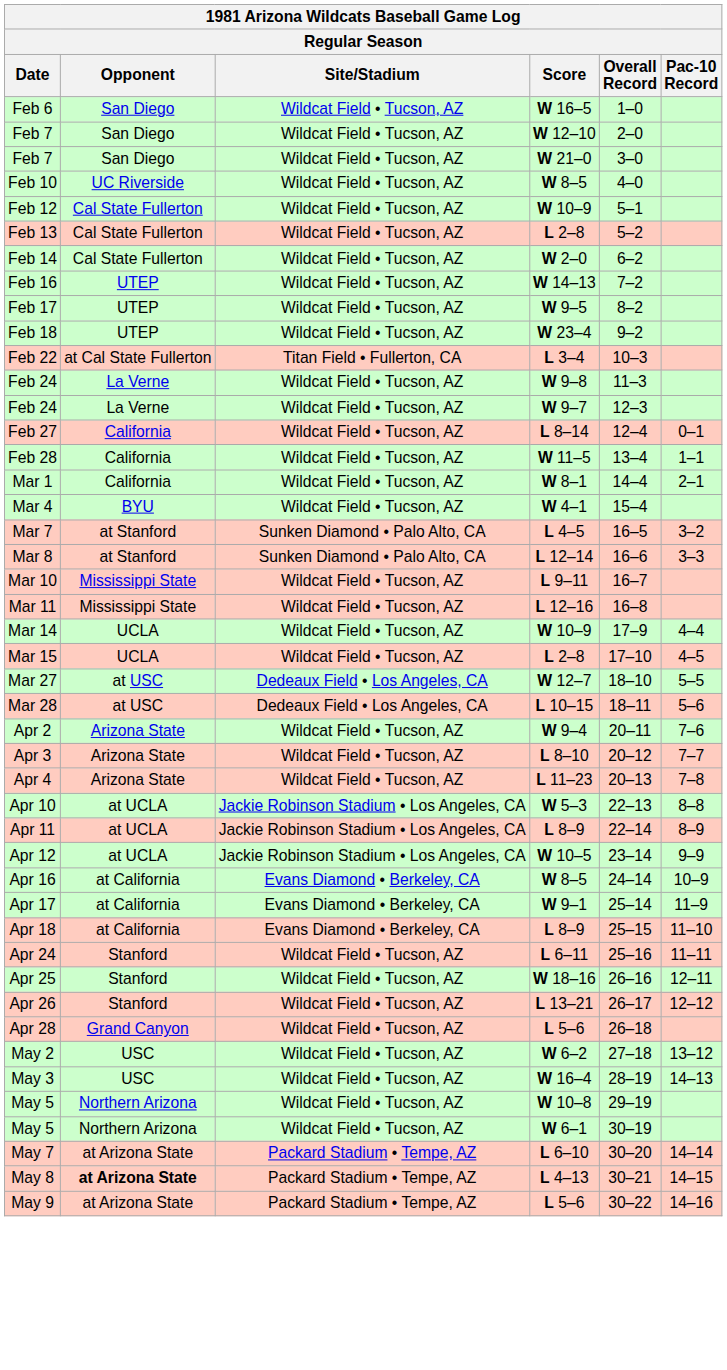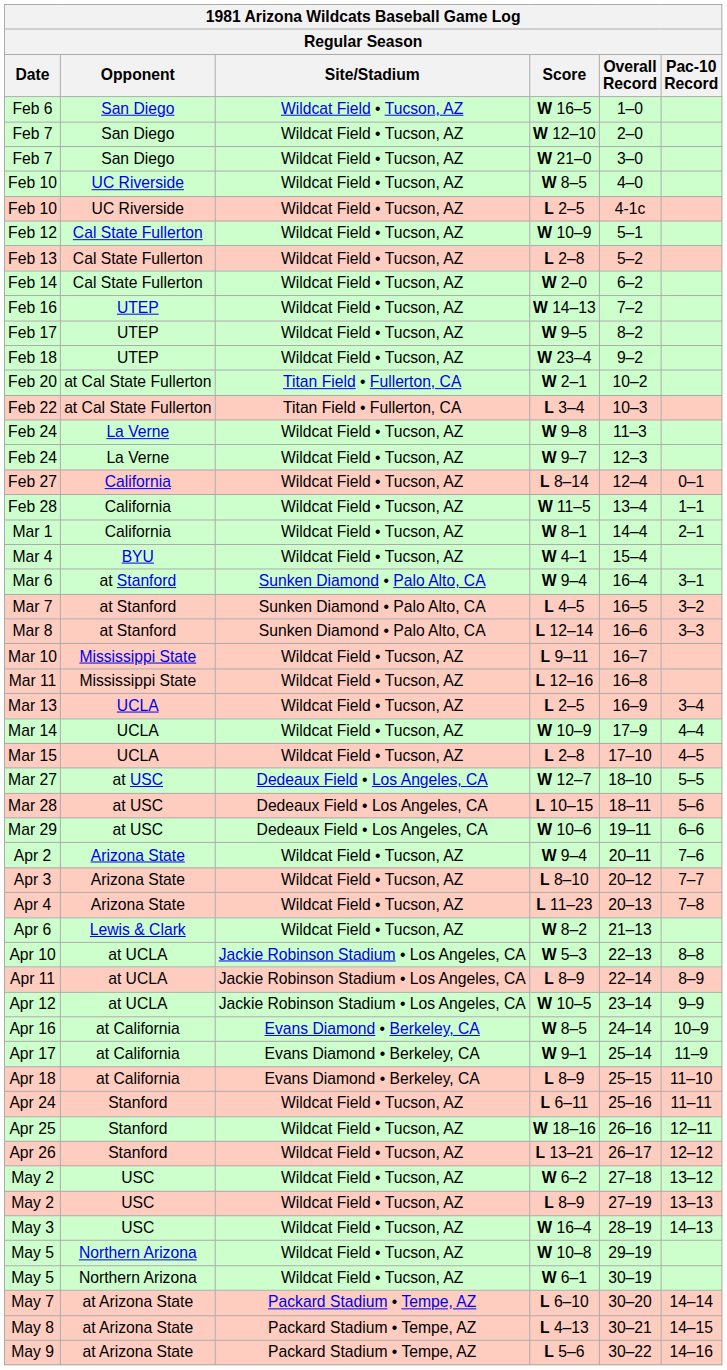 <table class="wikitable">
 <tr>
 <th colspan="6">1981 Arizona Wildcats Baseball Game Log</th>
 </tr>
 <tr>
 <th colspan="6">Regular Season</th>
 </tr>
 <tr>
 <th>Date</th>
 <th>Opponent</th>
 <th>Site/Stadium</th>
 <th>Score</th>
 <th>Overall<br>Record</th>
 <th>Pac-10<br>Record</th>
 </tr>
 <tr bgcolor="ccffcc" align="center">
 <td>Feb 6</td>
 <td><a href='#'>San Diego</a></td>
 <td><a href='#'>Wildcat Field</a> • <a href='#'>Tucson, AZ</a></td>
 <td><strong>W</strong> 16–5</td>
 <td>1–0</td>
 <td></td>
 </tr>
 <tr bgcolor="ccffcc" align="center">
 <td>Feb 7</td>
 <td>San Diego</td>
 <td>Wildcat Field • Tucson, AZ</td>
 <td><strong>W</strong> 12–10</td>
 <td>2–0</td>
 <td></td>
 </tr>
 <tr bgcolor="ccffcc" align="center">
 <td>Feb 7</td>
 <td>San Diego</td>
 <td>Wildcat Field • Tucson, AZ</td>
 <td><strong>W</strong> 21–0</td>
 <td>3–0</td>
 <td></td>
 </tr>
 <tr bgcolor="ccffcc" align="center">
 <td>Feb 10</td>
 <td><a href='#'>UC Riverside</a></td>
 <td>Wildcat Field • Tucson, AZ</td>
 <td><strong>W</strong> 8–5</td>
 <td>4–0</td>
+<td></td>
+</tr>
+<tr bgcolor="ffccc" align="center">
+<td>Feb 10</td>
+<td>UC Riverside</td>
+<td>Wildcat Field • Tucson, AZ</td>
+<td><strong>L</strong> 2–5</td>
+<td>4-1c</td>
 <td></td>
 </tr>
 <tr bgcolor="ccffcc" align="center">
 <td>Feb 12</td>
 <td><a href='#'>Cal State Fullerton</a></td>
 <td>Wildcat Field • Tucson, AZ</td>
 <td><strong>W</strong> 10–9</td>
 <td>5–1</td>
 <td></td>
 </tr>
 <tr bgcolor="ffccc" align="center">
 <td>Feb 13</td>
 <td>Cal State Fullerton</td>
 <td>Wildcat Field • Tucson, AZ</td>
 <td><strong>L</strong> 2–8</td>
 <td>5–2</td>
 <td></td>
 </tr>
 <tr bgcolor="ccffcc" align="center">
 <td>Feb 14</td>
 <td>Cal State Fullerton</td>
 <td>Wildcat Field • Tucson, AZ</td>
 <td><strong>W</strong> 2–0</td>
 <td>6–2</td>
 <td></td>
 </tr>
 <tr bgcolor="ccffcc" align="center">
 <td>Feb 16</td>
 <td><a href='#'>UTEP</a></td>
 <td>Wildcat Field • Tucson, AZ</td>
 <td><strong>W</strong> 14–13</td>
 <td>7–2</td>
 <td></td>
 </tr>
 <tr bgcolor="ccffcc" align="center">
 <td>Feb 17</td>
 <td>UTEP</td>
 <td>Wildcat Field • Tucson, AZ</td>
 <td><strong>W</strong> 9–5</td>
 <td>8–2</td>
 <td></td>
 </tr>
 <tr bgcolor="ccffcc" align="center">
 <td>Feb 18</td>
 <td>UTEP</td>
 <td>Wildcat Field • Tucson, AZ</td>
 <td><strong>W</strong> 23–4</td>
 <td>9–2</td>
+<td></td>
+</tr>
+<tr bgcolor="ccffcc" align="center">
+<td>Feb 20</td>
+<td>at Cal State Fullerton</td>
+<td><a href='#'>Titan Field</a> • <a href='#'>Fullerton, CA</a></td>
+<td><strong>W</strong> 2–1</td>
+<td>10–2</td>
 <td></td>
 </tr>
 <tr bgcolor="ffccc" align="center">
 <td>Feb 22</td>
 <td>at Cal State Fullerton</td>
 <td>Titan Field • Fullerton, CA</td>
 <td><strong>L</strong> 3–4</td>
 <td>10–3</td>
 <td></td>
 </tr>
 <tr bgcolor="ccffcc" align="center">
 <td>Feb 24</td>
 <td><a href='#'>La Verne</a></td>
 <td>Wildcat Field • Tucson, AZ</td>
 <td><strong>W</strong> 9–8</td>
 <td>11–3</td>
 <td></td>
 </tr>
 <tr bgcolor="ccffcc" align="center">
 <td>Feb 24</td>
 <td>La Verne</td>
 <td>Wildcat Field • Tucson, AZ</td>
 <td><strong>W</strong> 9–7</td>
 <td>12–3</td>
 <td></td>
 </tr>
 <tr bgcolor="ffccc" align="center">
 <td>Feb 27</td>
 <td><a href='#'>California</a></td>
 <td>Wildcat Field • Tucson, AZ</td>
 <td><strong>L</strong> 8–14</td>
 <td>12–4</td>
 <td>0–1</td>
 </tr>
 <tr bgcolor="ccffcc" align="center">
 <td>Feb 28</td>
 <td>California</td>
 <td>Wildcat Field • Tucson, AZ</td>
 <td><strong>W</strong> 11–5</td>
 <td>13–4</td>
 <td>1–1</td>
 </tr>
 <tr bgcolor="ccffcc" align="center">
 <td>Mar 1</td>
 <td>California</td>
 <td>Wildcat Field • Tucson, AZ</td>
 <td><strong>W</strong> 8–1</td>
 <td>14–4</td>
 <td>2–1</td>
 </tr>
 <tr bgcolor="ccffcc" align="center">
 <td>Mar 4</td>
 <td><a href='#'>BYU</a></td>
 <td>Wildcat Field • Tucson, AZ</td>
 <td><strong>W</strong> 4–1</td>
 <td>15–4</td>
 <td></td>
 </tr>
+<tr bgcolor="ccffcc" align="center">
+<td>Mar 6</td>
+<td>at <a href='#'>Stanford</a></td>
+<td><a href='#'>Sunken Diamond</a> • <a href='#'>Palo Alto, CA</a></td>
+<td><strong>W</strong> 9–4</td>
+<td>16–4</td>
+<td>3–1</td>
+</tr>
 <tr bgcolor="ffccc" align="center">
 <td>Mar 7</td>
 <td>at Stanford</td>
 <td>Sunken Diamond • Palo Alto, CA</td>
 <td><strong>L</strong> 4–5</td>
 <td>16–5</td>
 <td>3–2</td>
 </tr>
 <tr bgcolor="ffccc" align="center">
 <td>Mar 8</td>
 <td>at Stanford</td>
 <td>Sunken Diamond • Palo Alto, CA</td>
 <td><strong>L</strong> 12–14</td>
 <td>16–6</td>
 <td>3–3</td>
 </tr>
 <tr bgcolor="ffccc" align="center">
 <td>Mar 10</td>
 <td><a href='#'>Mississippi State</a></td>
 <td>Wildcat Field • Tucson, AZ</td>
 <td><strong>L</strong> 9–11</td>
 <td>16–7</td>
 <td></td>
 </tr>
 <tr bgcolor="ffccc" align="center">
 <td>Mar 11</td>
 <td>Mississippi State</td>
 <td>Wildcat Field • Tucson, AZ</td>
 <td><strong>L</strong> 12–16</td>
 <td>16–8</td>
 <td></td>
+</tr>
+<tr bgcolor="ffccc" align="center">
+<td>Mar 13</td>
+<td><a href='#'>UCLA</a></td>
+<td>Wildcat Field • Tucson, AZ</td>
+<td><strong>L</strong> 2–5</td>
+<td>16–9</td>
+<td>3–4</td>
 </tr>
 <tr bgcolor="ccffcc" align="center">
 <td>Mar 14</td>
 <td>UCLA</td>
 <td>Wildcat Field • Tucson, AZ</td>
 <td><strong>W</strong> 10–9</td>
 <td>17–9</td>
 <td>4–4</td>
 </tr>
 <tr bgcolor="ffccc" align="center">
 <td>Mar 15</td>
 <td>UCLA</td>
 <td>Wildcat Field • Tucson, AZ</td>
 <td><strong>L</strong> 2–8</td>
 <td>17–10</td>
 <td>4–5</td>
 </tr>
 <tr bgcolor="ccffcc" align="center">
 <td>Mar 27</td>
 <td>at <a href='#'>USC</a></td>
 <td><a href='#'>Dedeaux Field</a> • <a href='#'>Los Angeles, CA</a></td>
 <td><strong>W</strong> 12–7</td>
 <td>18–10</td>
 <td>5–5</td>
 </tr>
 <tr bgcolor="ffccc" align="center">
 <td>Mar 28</td>
 <td>at USC</td>
 <td>Dedeaux Field • Los Angeles, CA</td>
 <td><strong>L</strong> 10–15</td>
 <td>18–11</td>
 <td>5–6</td>
 </tr>
 <tr bgcolor="ccffcc" align="center">
+<td>Mar 29</td>
+<td>at USC</td>
+<td>Dedeaux Field • Los Angeles, CA</td>
+<td><strong>W</strong> 10–6</td>
+<td>19–11</td>
+<td>6–6</td>
+</tr>
+<tr bgcolor="ccffcc" align="center">
 <td>Apr 2</td>
 <td><a href='#'>Arizona State</a></td>
 <td>Wildcat Field • Tucson, AZ</td>
 <td><strong>W</strong> 9–4</td>
 <td>20–11</td>
 <td>7–6</td>
 </tr>
 <tr bgcolor="ffccc" align="center">
 <td>Apr 3</td>
 <td>Arizona State</td>
 <td>Wildcat Field • Tucson, AZ</td>
 <td><strong>L</strong> 8–10</td>
 <td>20–12</td>
 <td>7–7</td>
 </tr>
 <tr bgcolor="ffccc" align="center">
 <td>Apr 4</td>
 <td>Arizona State</td>
 <td>Wildcat Field • Tucson, AZ</td>
 <td><strong>L</strong> 11–23</td>
 <td>20–13</td>
 <td>7–8</td>
+</tr>
+<tr bgcolor="ccffcc" align="center">
+<td>Apr 6</td>
+<td><a href='#'>Lewis & Clark</a></td>
+<td>Wildcat Field • Tucson, AZ</td>
+<td><strong>W</strong> 8–2</td>
+<td>21–13</td>
+<td></td>
 </tr>
 <tr bgcolor="ccffcc" align="center">
 <td>Apr 10</td>
 <td>at UCLA</td>
 <td><a href='#'>Jackie Robinson Stadium</a> • Los Angeles, CA</td>
 <td><strong>W</strong> 5–3</td>
 <td>22–13</td>
 <td>8–8</td>
 </tr>
 <tr bgcolor="ffccc" align="center">
 <td>Apr 11</td>
 <td>at UCLA</td>
 <td>Jackie Robinson Stadium • Los Angeles, CA</td>
 <td><strong>L</strong> 8–9</td>
 <td>22–14</td>
 <td>8–9</td>
 </tr>
 <tr bgcolor="ccffcc" align="center">
 <td>Apr 12</td>
 <td>at UCLA</td>
 <td>Jackie Robinson Stadium • Los Angeles, CA</td>
 <td><strong>W</strong> 10–5</td>
 <td>23–14</td>
 <td>9–9</td>
 </tr>
 <tr bgcolor="ccffcc" align="center">
 <td>Apr 16</td>
 <td>at California</td>
 <td><a href='#'>Evans Diamond</a> • <a href='#'>Berkeley, CA</a></td>
 <td><strong>W</strong> 8–5</td>
 <td>24–14</td>
 <td>10–9</td>
 </tr>
 <tr bgcolor="ccffcc" align="center">
 <td>Apr 17</td>
 <td>at California</td>
 <td>Evans Diamond • Berkeley, CA</td>
 <td><strong>W</strong> 9–1</td>
 <td>25–14</td>
 <td>11–9</td>
 </tr>
 <tr bgcolor="ffccc" align="center">
 <td>Apr 18</td>
 <td>at California</td>
 <td>Evans Diamond • Berkeley, CA</td>
 <td><strong>L</strong> 8–9</td>
 <td>25–15</td>
 <td>11–10</td>
 </tr>
 <tr bgcolor="ffccc" align="center">
 <td>Apr 24</td>
 <td>Stanford</td>
 <td>Wildcat Field • Tucson, AZ</td>
 <td><strong>L</strong> 6–11</td>
 <td>25–16</td>
 <td>11–11</td>
 </tr>
 <tr bgcolor="ccffcc" align="center">
 <td>Apr 25</td>
 <td>Stanford</td>
 <td>Wildcat Field • Tucson, AZ</td>
 <td><strong>W</strong> 18–16</td>
 <td>26–16</td>
 <td>12–11</td>
 </tr>
 <tr bgcolor="ffccc" align="center">
 <td>Apr 26</td>
 <td>Stanford</td>
 <td>Wildcat Field • Tucson, AZ</td>
 <td><strong>L</strong> 13–21</td>
 <td>26–17</td>
 <td>12–12</td>
 </tr>
-<tr bgcolor="ffccc" align="center">
-<td>Apr 28</td>
-<td><a href='#'>Grand Canyon</a></td>
-<td>Wildcat Field • Tucson, AZ</td>
-<td><strong>L</strong> 5–6</td>
-<td>26–18</td>
-<td></td>
-</tr>
 <tr bgcolor="ccffcc" align="center">
 <td>May 2</td>
 <td>USC</td>
 <td>Wildcat Field • Tucson, AZ</td>
 <td><strong>W</strong> 6–2</td>
 <td>27–18</td>
 <td>13–12</td>
+</tr>
+<tr bgcolor="ffccc" align="center">
+<td>May 2</td>
+<td>USC</td>
+<td>Wildcat Field • Tucson, AZ</td>
+<td><strong>L</strong> 8–9</td>
+<td>27–19</td>
+<td>13–13</td>
 </tr>
 <tr bgcolor="ccffcc" align="center">
 <td>May 3</td>
 <td>USC</td>
 <td>Wildcat Field • Tucson, AZ</td>
 <td><strong>W</strong> 16–4</td>
 <td>28–19</td>
 <td>14–13</td>
 </tr>
 <tr bgcolor="ccffcc" align="center">
 <td>May 5</td>
 <td><a href='#'>Northern Arizona</a></td>
 <td>Wildcat Field • Tucson, AZ</td>
 <td><strong>W</strong> 10–8</td>
 <td>29–19</td>
 <td></td>
 </tr>
 <tr bgcolor="ccffcc" align="center">
 <td>May 5</td>
 <td>Northern Arizona</td>
 <td>Wildcat Field • Tucson, AZ</td>
 <td><strong>W</strong> 6–1</td>
 <td>30–19</td>
 <td></td>
 </tr>
 <tr bgcolor="ffccc" align="center">
 <td>May 7</td>
 <td>at Arizona State</td>
 <td><a href='#'>Packard Stadium</a> • <a href='#'>Tempe, AZ</a></td>
 <td><strong>L</strong> 6–10</td>
 <td>30–20</td>
 <td>14–14</td>
 </tr>
 <tr bgcolor="ffccc" align="center">
 <td>May 8</td>
-<td><strong>at Arizona State</strong></td>
+<td>at Arizona State</td>
 <td>Packard Stadium • Tempe, AZ</td>
 <td><strong>L</strong> 4–13</td>
 <td>30–21</td>
 <td>14–15</td>
 </tr>
 <tr bgcolor="ffccc" align="center">
 <td>May 9</td>
 <td>at Arizona State</td>
 <td>Packard Stadium • Tempe, AZ</td>
 <td><strong>L</strong> 5–6</td>
 <td>30–22</td>
 <td>14–16</td>
 </tr>
 </table>
